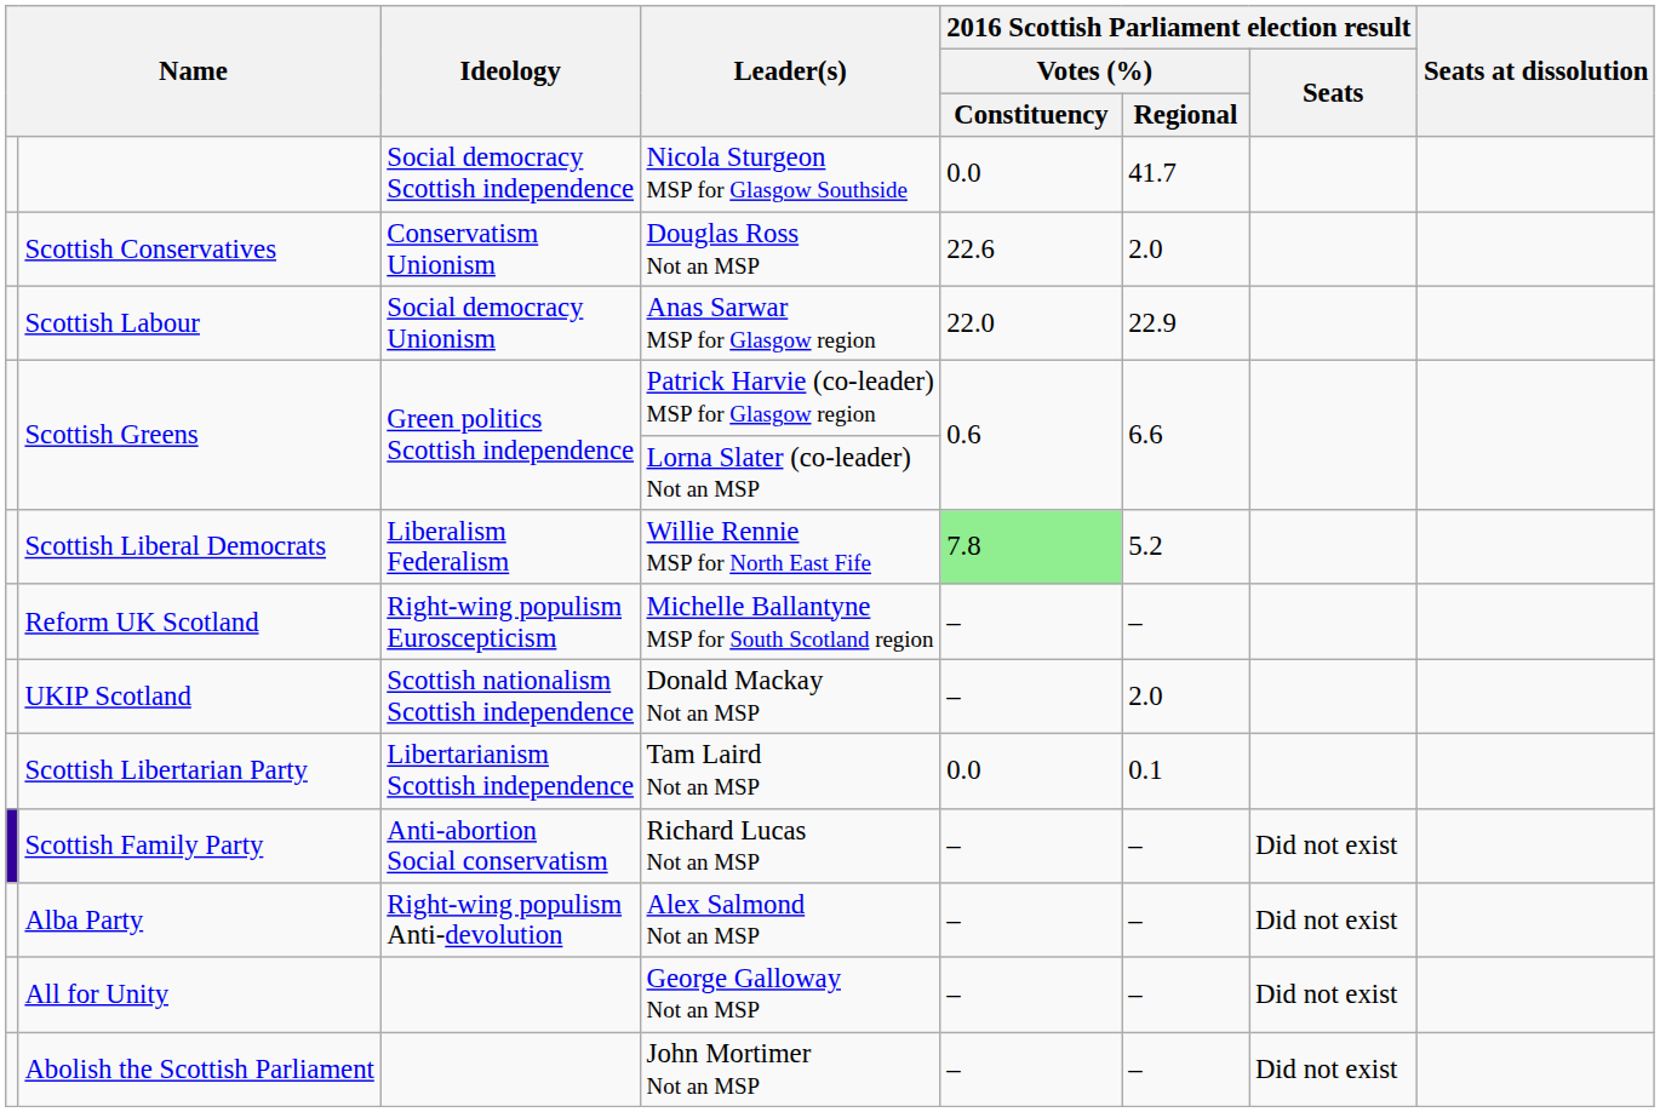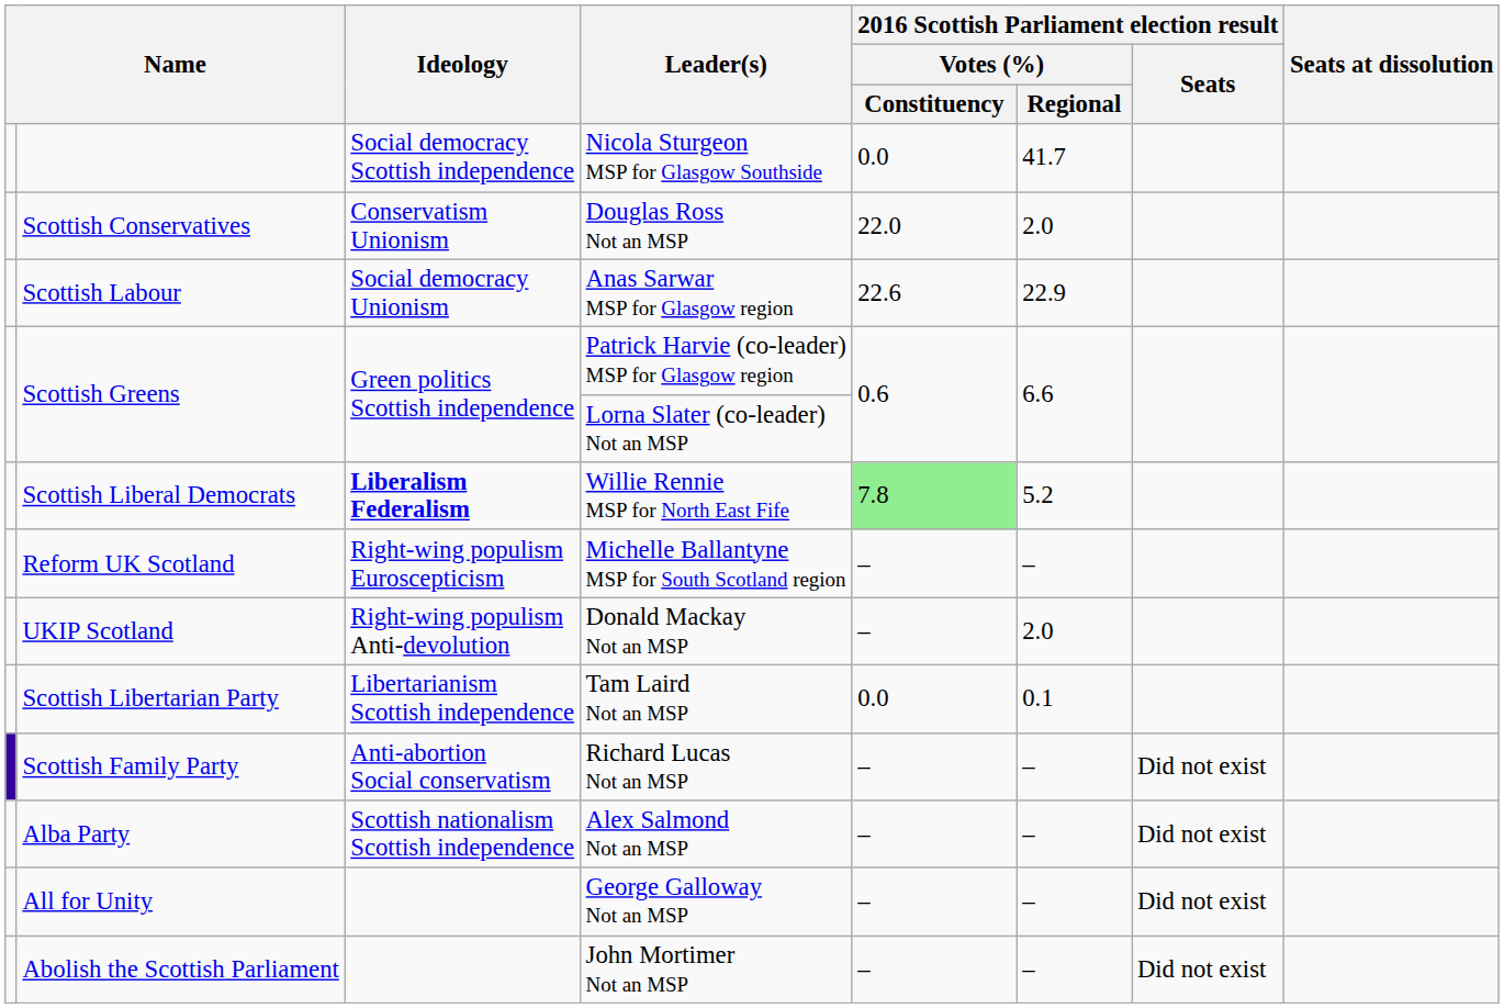 <table class="wikitable">
 <tr>
 <th colspan="2" rowspan="3">Name</th>
 <th rowspan="3">Ideology</th>
 <th rowspan="3">Leader(s)</th>
 <th colspan="3">2016 Scottish Parliament election result</th>
 <th rowspan="3">Seats at dissolution</th>
 </tr>
 <tr>
 <th colspan="2">Votes (%)</th>
 <th rowspan="2">Seats</th>
 </tr>
 <tr>
 <th>Constituency</th>
 <th>Regional</th>
 </tr>
 <tr>
 <td style="color:inherit;background:"></td>
 <td></td>
 <td><a href='#'>Social democracy</a><br><a href='#'>Scottish independence</a></td>
 <td><a href='#'>Nicola Sturgeon</a><br><small>MSP for <a href='#'>Glasgow Southside</a></small></td>
 <td>0.0</td>
 <td>41.7</td>
 <td></td>
 <td></td>
 </tr>
 <tr>
 <td style="color:inherit;background:"></td>
 <td><a href='#'>Scottish Conservatives</a></td>
 <td><a href='#'>Conservatism</a><br><a href='#'>Unionism</a></td>
 <td><a href='#'>Douglas Ross</a><br><small>Not an MSP</small></td>
-<td>22.6</td>
+<td>22.0</td>
 <td>2.0</td>
 <td></td>
 <td></td>
 </tr>
 <tr>
 <td style="color:inherit;background:"></td>
 <td><a href='#'>Scottish Labour</a></td>
 <td><a href='#'>Social democracy</a><br><a href='#'>Unionism</a></td>
 <td><a href='#'>Anas Sarwar</a><br><small>MSP for <a href='#'>Glasgow</a> region</small></td>
-<td>22.0</td>
+<td>22.6</td>
 <td>22.9</td>
 <td></td>
 <td></td>
 </tr>
 <tr>
 <td rowspan="2" style="color:inherit;background:"></td>
 <td rowspan="2"><a href='#'>Scottish Greens</a></td>
 <td rowspan="2"><a href='#'>Green politics</a><br><a href='#'>Scottish independence</a></td>
 <td><a href='#'>Patrick Harvie</a> (co-leader)<br><small>MSP for <a href='#'>Glasgow</a> region</small></td>
 <td rowspan="2">0.6</td>
 <td rowspan="2">6.6</td>
 <td rowspan="2"></td>
 <td rowspan="2"></td>
 </tr>
 <tr>
 <td><a href='#'>Lorna Slater</a> (co-leader)<br><small>Not an MSP</small></td>
 </tr>
 <tr>
 <td style="color:inherit;background:"></td>
 <td><a href='#'>Scottish Liberal Democrats</a></td>
-<td><a href='#'>Liberalism</a><br> <a href='#'>Federalism</a></td>
+<td><strong><a href='#'>Liberalism</a><br> <a href='#'>Federalism</a></strong></td>
 <td><a href='#'>Willie Rennie</a><br><small>MSP for <a href='#'>North East Fife</a></small></td>
 <td style="background: lightgreen;">7.8</td>
 <td>5.2</td>
 <td></td>
 <td></td>
 </tr>
 <tr>
 <td style="color:inherit;background:"></td>
 <td><a href='#'> Reform UK Scotland</a></td>
 <td><a href='#'>Right-wing populism</a><br><a href='#'>Euroscepticism</a></td>
 <td><a href='#'>Michelle Ballantyne</a><br><small>MSP for <a href='#'>South Scotland</a> region</small></td>
 <td>–</td>
 <td>–</td>
 <td></td>
 <td></td>
 </tr>
 <tr>
 <td style="color:inherit;background:"></td>
 <td><a href='#'>UKIP Scotland</a></td>
-<td><a href='#'>Scottish nationalism</a><br><a href='#'>Scottish independence</a></td>
+<td><a href='#'>Right-wing populism</a><br>Anti-<a href='#'>devolution</a></td>
 <td>Donald Mackay<br><small>Not an MSP</small></td>
 <td>–</td>
 <td>2.0</td>
 <td></td>
 <td></td>
 </tr>
 <tr>
 <td style="color:inherit;background:"></td>
 <td><a href='#'>Scottish Libertarian Party</a></td>
 <td><a href='#'>Libertarianism</a><br><a href='#'>Scottish independence</a></td>
 <td>Tam Laird<br><small>Not an MSP</small></td>
 <td>0.0</td>
 <td>0.1</td>
 <td></td>
 <td></td>
 </tr>
 <tr>
 <td style="background:#309;"></td>
 <td><a href='#'>Scottish Family Party</a></td>
 <td><a href='#'>Anti-abortion</a><br><a href='#'>Social conservatism</a></td>
 <td>Richard Lucas<br><small>Not an MSP</small></td>
 <td>–</td>
 <td>–</td>
 <td>Did not exist</td>
 <td></td>
 </tr>
 <tr>
 <td style="color:inherit;background:"></td>
 <td><a href='#'>Alba Party</a></td>
-<td><a href='#'>Right-wing populism</a><br>Anti-<a href='#'>devolution</a></td>
+<td><a href='#'>Scottish nationalism</a><br><a href='#'>Scottish independence</a></td>
 <td><a href='#'>Alex Salmond</a><br><small>Not an MSP</small></td>
 <td>–</td>
 <td>–</td>
 <td>Did not exist</td>
 <td></td>
 </tr>
 <tr>
 <td style="color:inherit;background:"></td>
 <td><a href='#'>All for Unity</a></td>
 <td></td>
 <td><a href='#'>George Galloway</a><br><small>Not an MSP</small></td>
 <td>–</td>
 <td>–</td>
 <td>Did not exist</td>
 <td></td>
 </tr>
 <tr>
 <td style="color:inherit;background:"></td>
 <td><a href='#'>Abolish the Scottish Parliament</a></td>
 <td></td>
 <td>John Mortimer<br><small>Not an MSP</small></td>
 <td>–</td>
 <td>–</td>
 <td>Did not exist</td>
 <td></td>
 </tr>
 </table>
